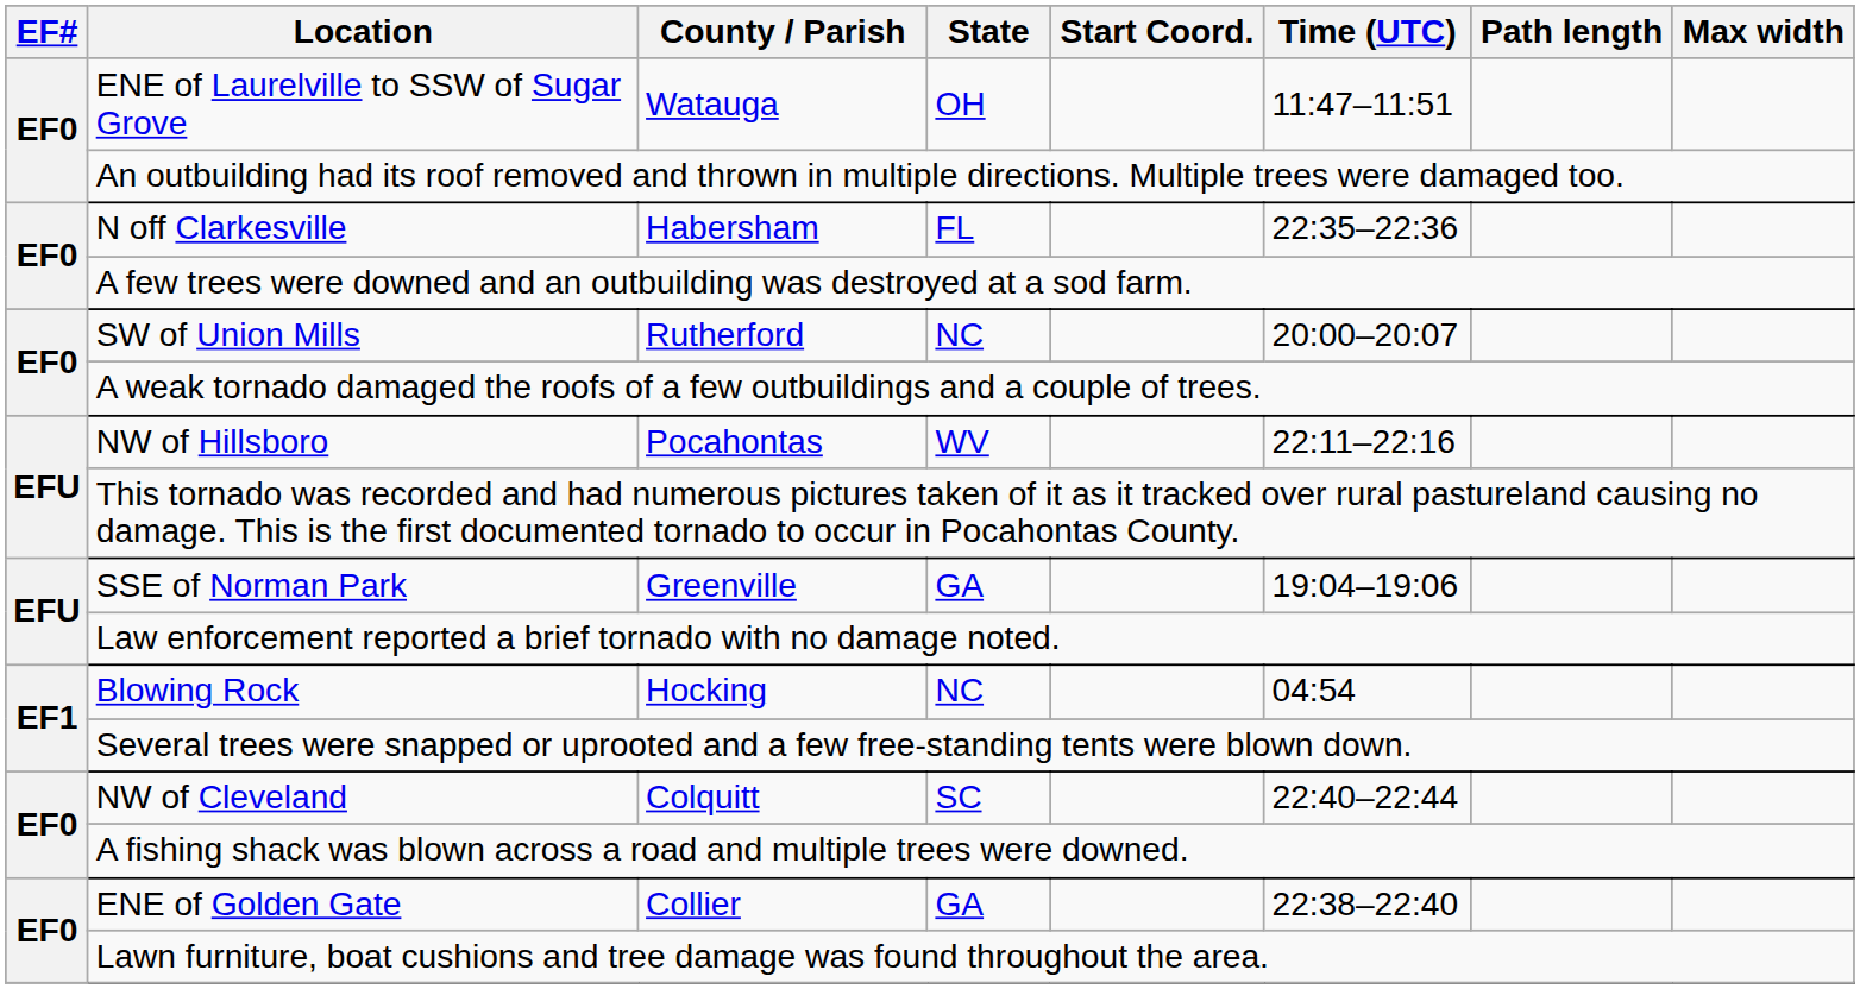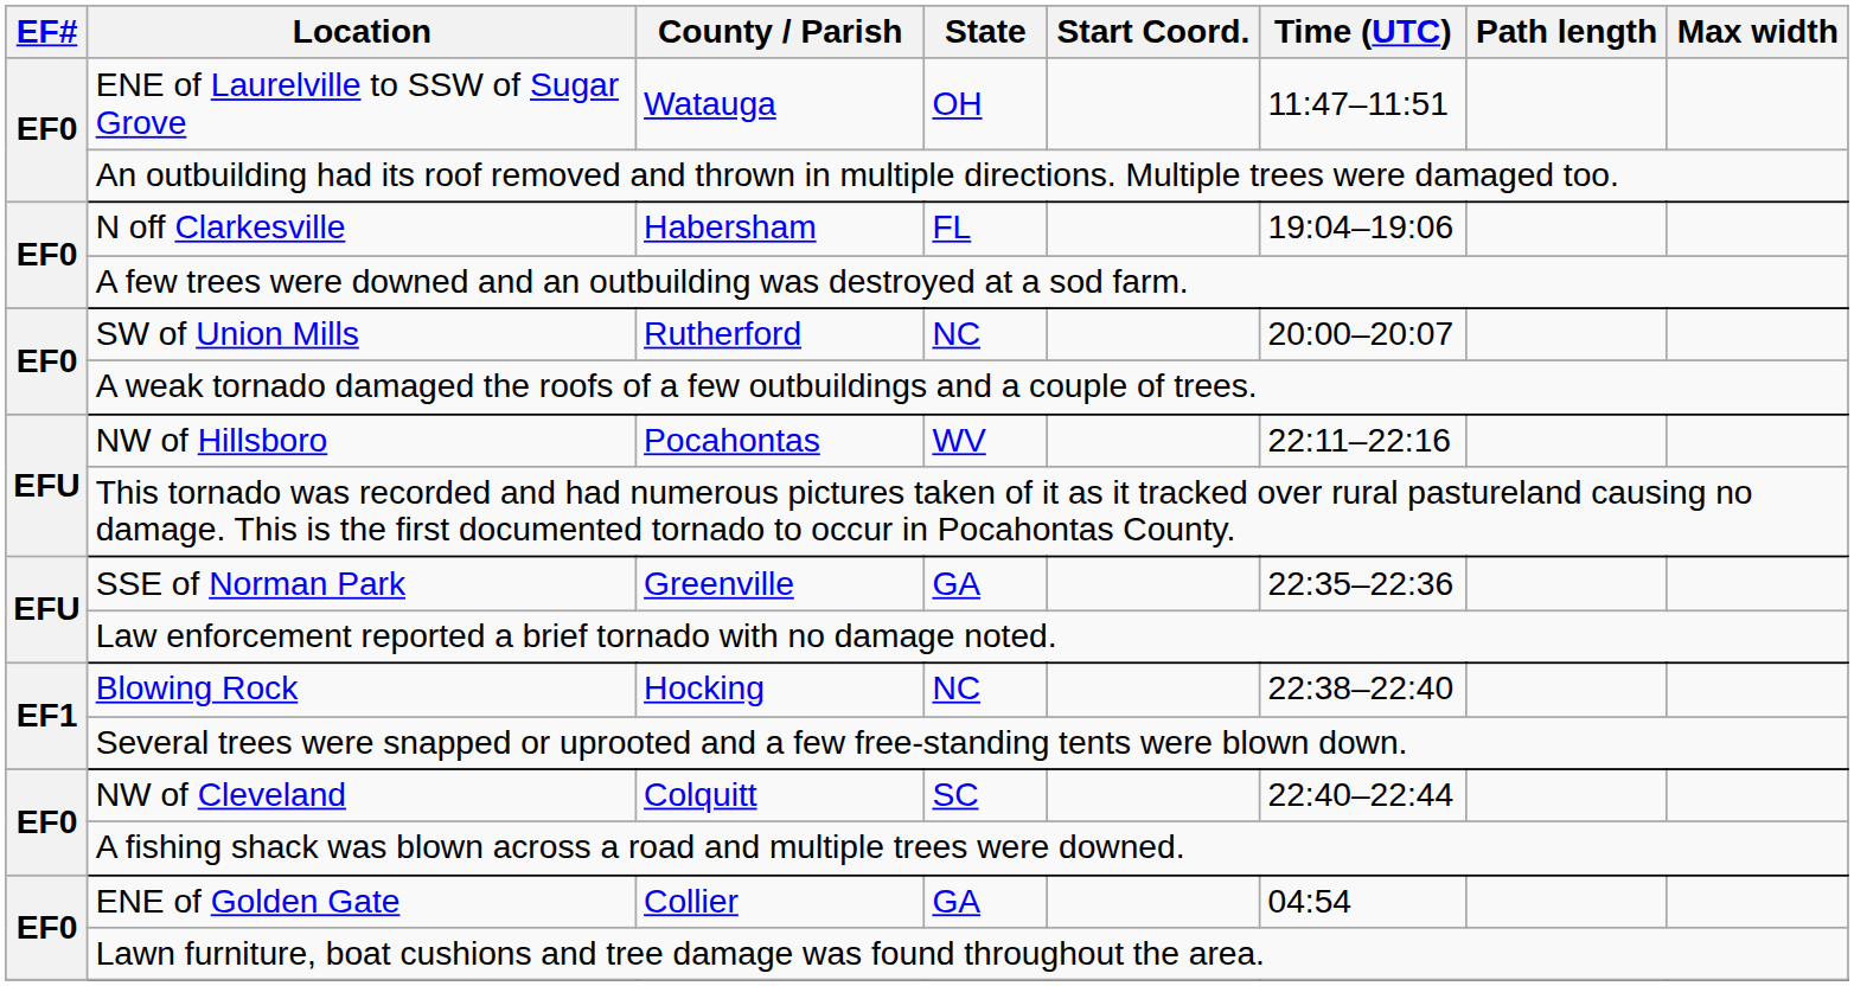 <table class="wikitable sortable" style="width:100%;">
 <tr>
 <th scope="col" width="2%" align="center"><a href='#'>EF#</a></th>
 <th scope="col" align="center" class="unsortable">Location</th>
 <th scope="col" align="center" class="unsortable">County / Parish</th>
 <th scope="col" align="center">State</th>
 <th scope="col" align="center">Start Coord.</th>
 <th scope="col" align="center">Time (<a href='#'>UTC</a>)</th>
 <th scope="col" align="center">Path length</th>
 <th scope="col" align="center">Max width</th>
 </tr>
 <tr>
 <th scope="row" rowspan="2" style="background-color:#">EF0</th>
 <td>ENE of <a href='#'>Laurelville</a> to SSW of <a href='#'>Sugar Grove</a></td>
 <td><a href='#'>Watauga</a></td>
 <td><a href='#'>OH</a></td>
 <td></td>
 <td>11:47–11:51</td>
 <td></td>
 <td></td>
 </tr>
 <tr class="expand-child">
 <td colspan="8" style=" border-bottom: 1px solid black;">An outbuilding had its roof removed and thrown in multiple directions. Multiple trees were damaged too.</td>
 </tr>
 <tr>
 <th scope="row" rowspan="2" style="background-color:#">EF0</th>
 <td>N off <a href='#'>Clarkesville</a></td>
 <td><a href='#'>Habersham</a></td>
 <td><a href='#'>FL</a></td>
 <td></td>
-<td>22:35–22:36</td>
+<td>19:04–19:06</td>
 <td></td>
 <td></td>
 </tr>
 <tr class="expand-child">
 <td colspan="8" style=" border-bottom: 1px solid black;">A few trees were downed and an outbuilding was destroyed at a sod farm.</td>
 </tr>
 <tr>
 <th scope="row" rowspan="2" style="background-color:#">EF0</th>
 <td>SW of <a href='#'>Union Mills</a></td>
 <td><a href='#'>Rutherford</a></td>
 <td><a href='#'>NC</a></td>
 <td></td>
 <td>20:00–20:07</td>
 <td></td>
 <td></td>
 </tr>
 <tr class="expand-child">
 <td colspan="8" style=" border-bottom: 1px solid black;">A weak tornado damaged the roofs of a few outbuildings and a couple of trees.</td>
 </tr>
 <tr>
 <th scope="row" rowspan="2" style="background-color:#">EFU</th>
 <td>NW of <a href='#'>Hillsboro</a></td>
 <td><a href='#'>Pocahontas</a></td>
 <td><a href='#'>WV</a></td>
 <td></td>
 <td>22:11–22:16</td>
 <td></td>
 <td></td>
 </tr>
 <tr class="expand-child">
 <td colspan="8" style=" border-bottom: 1px solid black;">This tornado was recorded and had numerous pictures taken of it as it tracked over rural pastureland causing no damage. This is the first documented tornado to occur in Pocahontas County.</td>
 </tr>
 <tr>
 <th scope="row" rowspan="2" style="background-color:#">EFU</th>
 <td>SSE of <a href='#'>Norman Park</a></td>
 <td><a href='#'>Greenville</a></td>
 <td><a href='#'>GA</a></td>
 <td></td>
-<td>19:04–19:06</td>
+<td>22:35–22:36</td>
 <td></td>
 <td></td>
 </tr>
 <tr class="expand-child">
 <td colspan="8" style=" border-bottom: 1px solid black;">Law enforcement reported a brief tornado with no damage noted.</td>
 </tr>
 <tr>
 <th scope="row" rowspan="2" style="background-color:#">EF1</th>
 <td><a href='#'>Blowing Rock</a></td>
 <td><a href='#'>Hocking</a></td>
 <td><a href='#'>NC</a></td>
 <td></td>
-<td>04:54</td>
+<td>22:38–22:40</td>
 <td></td>
 <td></td>
 </tr>
 <tr class="expand-child">
 <td colspan="8" style=" border-bottom: 1px solid black;">Several trees were snapped or uprooted and a few free-standing tents were blown down.</td>
 </tr>
 <tr>
 <th scope="row" rowspan="2" style="background-color:#">EF0</th>
 <td>NW of <a href='#'>Cleveland</a></td>
 <td><a href='#'>Colquitt</a></td>
 <td><a href='#'>SC</a></td>
 <td></td>
 <td>22:40–22:44</td>
 <td></td>
 <td></td>
 </tr>
 <tr class="expand-child">
 <td colspan="8" style=" border-bottom: 1px solid black;">A fishing shack was blown across a road and multiple trees were downed.</td>
 </tr>
 <tr>
 <th scope="row" rowspan="2" style="background-color:#">EF0</th>
 <td>ENE of <a href='#'>Golden Gate</a></td>
 <td><a href='#'>Collier</a></td>
 <td><a href='#'>GA</a></td>
 <td></td>
-<td>22:38–22:40</td>
+<td>04:54</td>
 <td></td>
 <td></td>
 </tr>
 <tr class="expand-child">
 <td colspan="8" style=" border-bottom: 1px solid black;">Lawn furniture, boat cushions and tree damage was found throughout the area.</td>
 </tr>
 <tr>
 </tr>
 </table>
